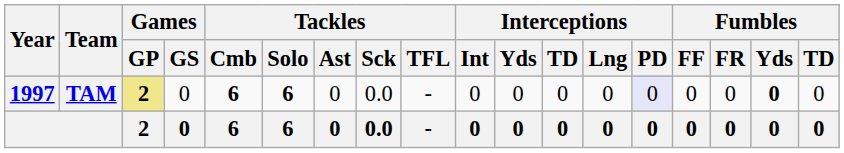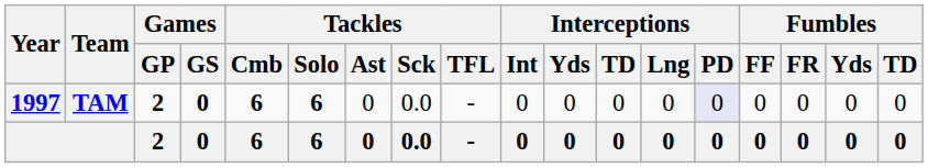 <table class="wikitable" style="text-align:center">
 <tr>
 <th rowspan="2">Year</th>
 <th rowspan="2">Team</th>
 <th colspan="2">Games</th>
 <th colspan="5">Tackles</th>
 <th colspan="5">Interceptions</th>
 <th colspan="4">Fumbles</th>
 </tr>
 <tr>
 <th>GP</th>
 <th>GS</th>
 <th>Cmb</th>
 <th>Solo</th>
 <th>Ast</th>
 <th>Sck</th>
 <th>TFL</th>
 <th>Int</th>
 <th>Yds</th>
 <th>TD</th>
 <th>Lng</th>
 <th>PD</th>
 <th>FF</th>
 <th>FR</th>
 <th>Yds</th>
 <th>TD</th>
 </tr>
 <tr>
 <th><a href='#'>1997</a></th>
 <th><a href='#'>TAM</a></th>
-<td style="background: khaki;"><strong>2</strong></td>
-<td>0</td>
+<td><strong>2</strong></td>
+<td><strong>0</strong></td>
 <td><strong>6</strong></td>
 <td><strong>6</strong></td>
 <td>0</td>
 <td>0.0</td>
 <td>-</td>
 <td>0</td>
 <td>0</td>
 <td>0</td>
 <td>0</td>
 <td style="background: lavender;">0</td>
 <td>0</td>
 <td>0</td>
-<td><strong>0</strong></td>
+<td>0</td>
 <td>0</td>
 </tr>
 <tr>
 <th colspan="2"></th>
 <th>2</th>
 <th>0</th>
 <th>6</th>
 <th>6</th>
 <th>0</th>
 <th>0.0</th>
 <th>-</th>
 <th>0</th>
 <th>0</th>
 <th>0</th>
 <th>0</th>
 <th>0</th>
 <th>0</th>
 <th>0</th>
 <th>0</th>
 <th>0</th>
 </tr>
 </table>
